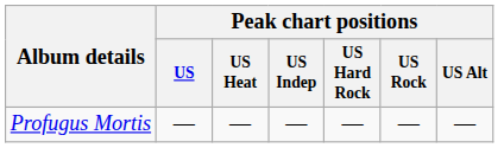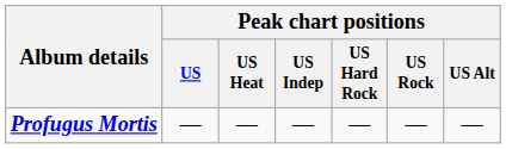 <table class="wikitable" style="text-align:center;">
 <tr>
 <th rowspan="2">Album details</th>
 <th colspan="19">Peak chart positions</th>
 </tr>
 <tr>
 <th style="width:3em;font-size:75%"><a href='#'>US</a></th>
 <th style="width:3em;font-size:75%">US Heat</th>
 <th style="width:3em;font-size:75%">US Indep</th>
 <th style="width:3em;font-size:75%">US Hard Rock</th>
 <th style="width:3em;font-size:75%">US Rock</th>
 <th style="width:3em;font-size:75%">US Alt</th>
 </tr>
 <tr>
-<td align=left><em><a href='#'>Profugus Mortis</a></em><br></td>
+<td align=left><strong><em><a href='#'>Profugus Mortis</a></em><br></strong></td>
 <td>—</td>
 <td>—</td>
 <td>—</td>
 <td>—</td>
 <td>—</td>
 <td>—</td>
 </tr>
 </table>
